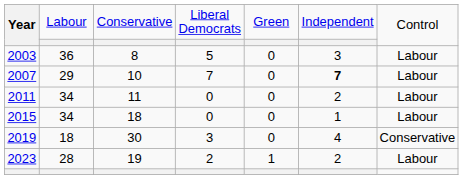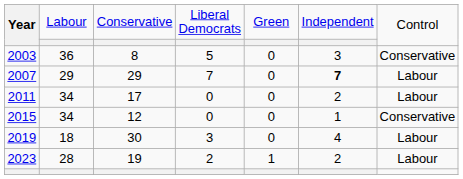 <table class=wikitable style=text-align:center>
 <tr>
 <th rowspan=2>Year</th>
 <td width="60"><a href='#'>Labour</a></td>
 <td width="60"><a href='#'>Conservative</a></td>
 <td width="60"><a href='#'>Liberal Democrats</a></td>
 <td width="60"><a href='#'>Green</a></td>
 <td><a href='#'>Independent</a></td>
 <td rowspan=2>Control</td>
 </tr>
 <tr>
 <th style="background-color: "></th>
 <th style="background-color: "></th>
 <th style="background-color: "></th>
 <th style="background-color: "></th>
 <th style="background-color: "></th>
 </tr>
 <tr>
 <td><a href='#'>2003</a></td>
 <td>36</td>
 <td>8</td>
 <td>5</td>
 <td>0</td>
 <td>3</td>
-<td bgcolor=>Labour</td>
+<td bgcolor=>Conservative</td>
 </tr>
 <tr>
 <td><a href='#'>2007</a></td>
 <td>29</td>
-<td>10</td>
+<td>29</td>
 <td>7</td>
 <td>0</td>
 <td><strong>7</strong></td>
 <td bgcolor=>Labour</td>
 </tr>
 <tr>
 <td><a href='#'>2011</a></td>
 <td>34</td>
-<td>11</td>
+<td>17</td>
 <td>0</td>
 <td>0</td>
 <td>2</td>
 <td bgcolor=>Labour</td>
 </tr>
 <tr>
 <td><a href='#'>2015</a></td>
 <td>34</td>
-<td>18</td>
+<td>12</td>
 <td>0</td>
 <td>0</td>
 <td>1</td>
-<td bgcolor=>Labour</td>
+<td bgcolor=>Conservative</td>
 </tr>
 <tr>
 <td><a href='#'>2019</a></td>
 <td>18</td>
 <td>30</td>
 <td>3</td>
 <td>0</td>
 <td>4</td>
-<td bgcolor=>Conservative</td>
+<td bgcolor=>Labour</td>
 </tr>
 <tr>
 <td><a href='#'>2023</a></td>
 <td>28</td>
 <td>19</td>
 <td>2</td>
 <td>1</td>
 <td>2</td>
 <td bgcolor=>Labour</td>
 </tr>
 <tr>
 <th></th>
 <th style="background-color: "></th>
 <th style="background-color: "></th>
 <th style="background-color: "></th>
 <th style="background-color: "></th>
 <th style="background-color: "></th>
 <td></td>
 </tr>
 </table>
